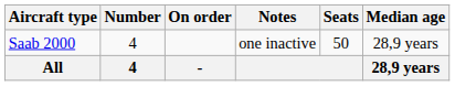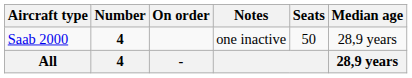 <table class="wikitable">
 <tr>
 <th>Aircraft type</th>
 <th>Number</th>
 <th>On order</th>
 <th>Notes</th>
 <th>Seats</th>
 <th>Median age</th>
 </tr>
 <tr>
 <td><a href='#'>Saab 2000</a></td>
-<td style="text-align:center">4</td>
+<td style="text-align:center"><strong>4</strong></td>
 <td style="text-align:center"></td>
 <td>one inactive</td>
 <td style="text-align:center">50</td>
 <td style="text-align:center">28,9 years</td>
 </tr>
 <tr>
 <th>All</th>
 <th>4</th>
 <th>-</th>
 <th colspan="2"></th>
 <th>28,9 years</th>
 </tr>
 </table>
